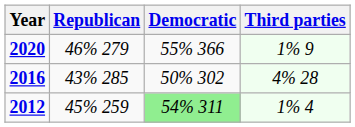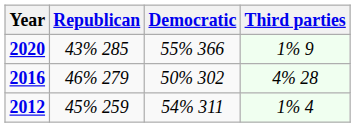 <table class="wikitable" style="float:right; font-size:95%;">
 <tr bgcolor=lightgrey>
 <th>Year</th>
 <th><a href='#'>Republican</a></th>
 <th><a href='#'>Democratic</a></th>
 <th><a href='#'>Third parties</a></th>
 </tr>
 <tr>
 <td style="text-align:center; "><strong><a href='#'>2020</a></strong></td>
-<td style="text-align:center; "><em>46%</em> <em>279</em></td>
+<td style="text-align:center; "><em>43%</em> <em>285</em></td>
 <td style="text-align:center; "><em>55%</em> <em>366</em></td>
 <td style="text-align:center; background:honeyDew;"><em>1%</em> <em>9</em></td>
 </tr>
 <tr>
 <td style="text-align:center; "><strong><a href='#'>2016</a></strong></td>
-<td style="text-align:center; "><em>43%</em> <em>285</em></td>
+<td style="text-align:center; "><em>46%</em> <em>279</em></td>
 <td style="text-align:center; "><em>50%</em> <em>302</em></td>
 <td style="text-align:center; background:honeyDew;"><em>4%</em> <em>28</em></td>
 </tr>
 <tr>
 <td style="text-align:center; "><strong><a href='#'>2012</a></strong></td>
 <td style="text-align:center; "><em>45%</em> <em>259</em></td>
-<td style="background: lightgreen; text-align:center; "><em>54%</em> <em>311</em></td>
+<td style="text-align:center; "><em>54%</em> <em>311</em></td>
 <td style="text-align:center; background:honeyDew;"><em>1%</em> <em>4</em></td>
 </tr>
 </table>
